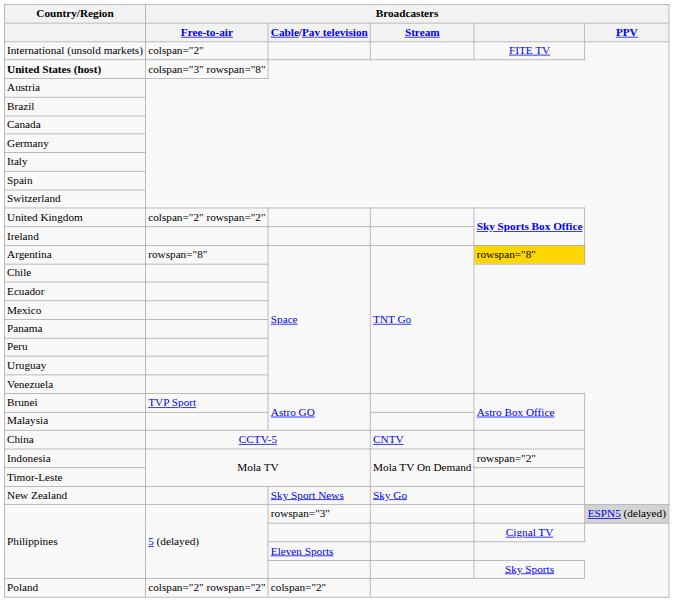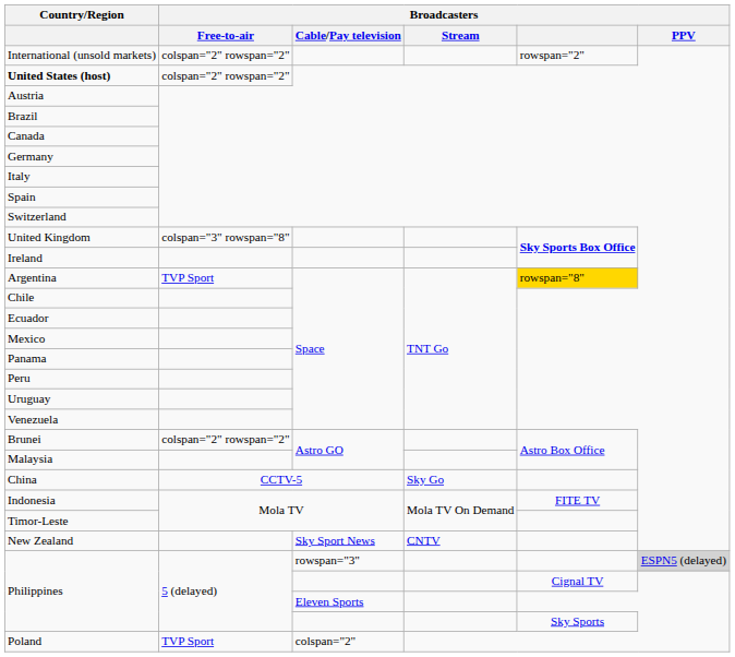 <table class="wikitable collapsible collapsed" style="font-size: 90%">
 <tr>
 <th>Country/Region</th>
 <th colspan="5">Broadcasters</th>
 </tr>
 <tr>
 <th></th>
 <th><a href='#'>Free-to-air</a></th>
 <th><a href='#'>Cable</a><strong>/</strong><a href='#'>Pay television</a></th>
 <th><a href='#'>Stream</a></th>
 <th></th>
 <th><a href='#'>PPV</a></th>
 </tr>
 <tr>
 <td>International (unsold markets)</td>
-<td>colspan="2" </td>
+<td>colspan="2" rowspan="2" </td>
 <td></td>
 <td></td>
-<td align="center"><a href='#'>FITE TV</a></td>
+<td>rowspan="2" </td>
 </tr>
 <tr>
 <td><strong>United States (host)</strong></td>
-<td>colspan="3" rowspan="8" </td>
+<td>colspan="2" rowspan="2" </td>
 </tr>
 <tr>
 <td>Austria</td>
 </tr>
 <tr>
 <td>Brazil</td>
 </tr>
 <tr>
 <td>Canada</td>
 </tr>
 <tr>
 <td>Germany</td>
 </tr>
 <tr>
 <td>Italy</td>
 </tr>
 <tr>
 <td>Spain</td>
 </tr>
 <tr>
 <td>Switzerland</td>
 </tr>
 <tr>
 <td>United Kingdom</td>
-<td>colspan="2" rowspan="2" </td>
+<td>colspan="3" rowspan="8" </td>
 <td></td>
 <td></td>
 <td rowspan="2" align="center"><strong><a href='#'>Sky Sports Box Office</a></strong></td>
 </tr>
 <tr>
 <td>Ireland</td>
 <td></td>
 <td></td>
 </tr>
 <tr>
 <td>Argentina</td>
-<td>rowspan="8" </td>
+<td><a href='#'>TVP Sport</a></td>
 <td rowspan="8"><a href='#'>Space</a></td>
 <td rowspan="8"><a href='#'>TNT Go</a></td>
 <td style="background: gold;">rowspan="8" </td>
 </tr>
 <tr>
 <td>Chile</td>
 <td></td>
 </tr>
 <tr>
 <td>Ecuador</td>
 <td></td>
 </tr>
 <tr>
 <td>Mexico</td>
 <td></td>
 </tr>
 <tr>
 <td>Panama</td>
 <td></td>
 </tr>
 <tr>
 <td>Peru</td>
 <td></td>
 </tr>
 <tr>
 <td>Uruguay</td>
 <td></td>
 </tr>
 <tr>
 <td>Venezuela</td>
 <td></td>
 </tr>
 <tr>
 <td>Brunei</td>
-<td><a href='#'>TVP Sport</a></td>
+<td>colspan="2" rowspan="2" </td>
 <td rowspan="2"><a href='#'>Astro GO</a></td>
 <td></td>
 <td rowspan="2"><a href='#'>Astro Box Office</a></td>
 </tr>
 <tr>
 <td>Malaysia</td>
 <td></td>
 </tr>
 <tr>
 <td>China</td>
 <td colspan="2" align="center"><a href='#'>CCTV-5</a></td>
-<td><a href='#'>CNTV</a></td>
+<td><a href='#'>Sky Go</a></td>
 <td></td>
 </tr>
 <tr>
 <td>Indonesia</td>
 <td colspan="2" rowspan="2" align="center">Mola TV</td>
 <td rowspan="2">Mola TV On Demand</td>
-<td>rowspan="2" </td>
+<td align="center"><a href='#'>FITE TV</a></td>
 </tr>
 <tr>
 <td>Timor-Leste</td>
 <td></td>
 </tr>
 <tr>
 <td>New Zealand</td>
 <td></td>
 <td><a href='#'>Sky Sport News</a></td>
-<td><a href='#'>Sky Go</a></td>
+<td><a href='#'>CNTV</a></td>
 <td></td>
 </tr>
 <tr>
 <td rowspan="4">Philippines</td>
 <td rowspan="4"><a href='#'>5</a> (delayed)</td>
 <td>rowspan="3" </td>
 <td></td>
 <td></td>
 <td align="center" style="background: lightgrey;"><a href='#'>ESPN5</a> (delayed)</td>
 </tr>
 <tr>
 <td></td>
 <td></td>
 <td align="center"><a href='#'>Cignal TV</a></td>
 </tr>
 <tr>
 <td><a href='#'>Eleven Sports</a></td>
 <td></td>
 </tr>
 <tr>
 <td></td>
 <td></td>
 <td align="center"><a href='#'>Sky Sports</a></td>
 </tr>
 <tr>
 <td>Poland</td>
-<td>colspan="2" rowspan="2" </td>
+<td><a href='#'>TVP Sport</a></td>
 <td>colspan="2" </td>
 </tr>
 </table>
